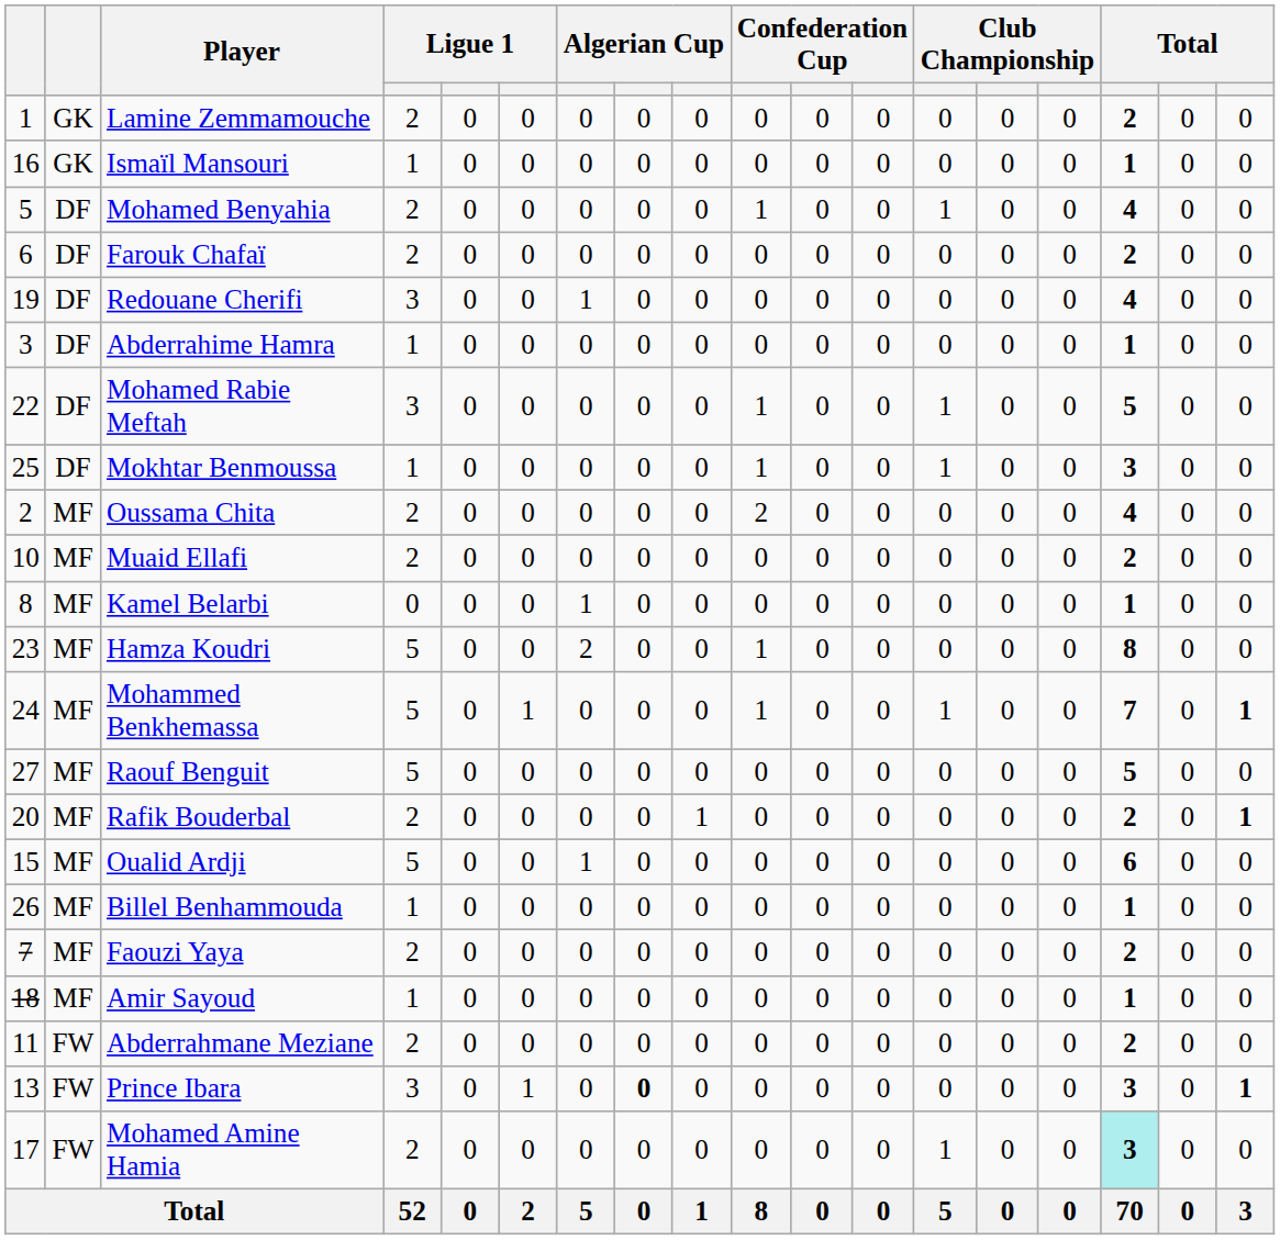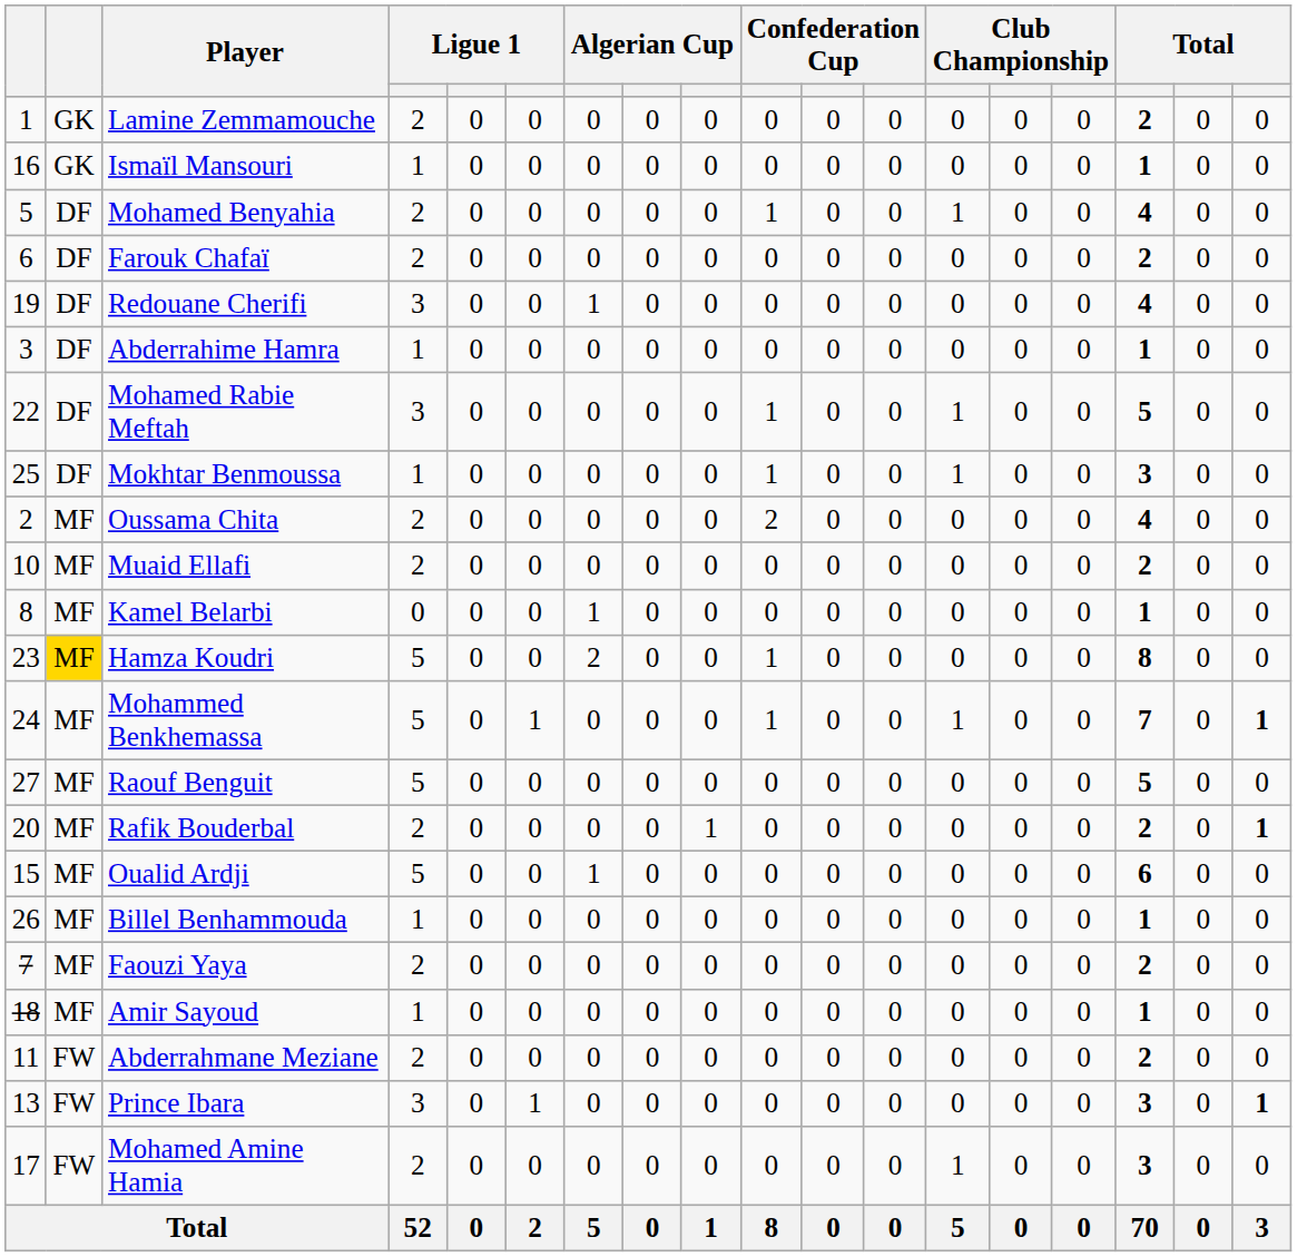 <table class="wikitable sortable nowrap" style="font-size: 96%; text-align: center;">
 <tr>
 <th rowspan="2"></th>
 <th rowspan="2"></th>
 <th rowspan="2" width=150>Player</th>
 <th colspan="3">Ligue 1</th>
 <th colspan="3">Algerian Cup</th>
 <th colspan="3">Confederation Cup</th>
 <th colspan="3">Club Championship</th>
 <th colspan="3">Total</th>
 </tr>
 <tr>
 <th width=25></th>
 <th width=25></th>
 <th width=25></th>
 <th width=25></th>
 <th width=25></th>
 <th width=25></th>
 <th width=25></th>
 <th width=25></th>
 <th width=25></th>
 <th width=25></th>
 <th width=25></th>
 <th width=25></th>
 <th width=25></th>
 <th width=25></th>
 <th width=25></th>
 </tr>
 <tr>
 <td>1</td>
 <td>GK</td>
 <td style="text-align:left"> <a href='#'>Lamine Zemmamouche</a></td>
 <td>2</td>
 <td>0</td>
 <td>0</td>
 <td>0</td>
 <td>0</td>
 <td>0</td>
 <td>0</td>
 <td>0</td>
 <td>0</td>
 <td>0</td>
 <td>0</td>
 <td>0</td>
 <td><strong>2</strong></td>
 <td>0</td>
 <td>0</td>
 </tr>
 <tr>
 <td>16</td>
 <td>GK</td>
 <td style="text-align:left"> <a href='#'>Ismaïl Mansouri</a></td>
 <td>1</td>
 <td>0</td>
 <td>0</td>
 <td>0</td>
 <td>0</td>
 <td>0</td>
 <td>0</td>
 <td>0</td>
 <td>0</td>
 <td>0</td>
 <td>0</td>
 <td>0</td>
 <td><strong>1</strong></td>
 <td>0</td>
 <td>0</td>
 </tr>
 <tr>
 <td>5</td>
 <td>DF</td>
 <td style="text-align:left"> <a href='#'>Mohamed Benyahia</a></td>
 <td>2</td>
 <td>0</td>
 <td>0</td>
 <td>0</td>
 <td>0</td>
 <td>0</td>
 <td>1</td>
 <td>0</td>
 <td>0</td>
 <td>1</td>
 <td>0</td>
 <td>0</td>
 <td><strong>4</strong></td>
 <td>0</td>
 <td>0</td>
 </tr>
 <tr>
 <td>6</td>
 <td>DF</td>
 <td style="text-align:left"> <a href='#'>Farouk Chafaï</a></td>
 <td>2</td>
 <td>0</td>
 <td>0</td>
 <td>0</td>
 <td>0</td>
 <td>0</td>
 <td>0</td>
 <td>0</td>
 <td>0</td>
 <td>0</td>
 <td>0</td>
 <td>0</td>
 <td><strong>2</strong></td>
 <td>0</td>
 <td>0</td>
 </tr>
 <tr>
 <td>19</td>
 <td>DF</td>
 <td style="text-align:left"> <a href='#'>Redouane Cherifi</a></td>
 <td>3</td>
 <td>0</td>
 <td>0</td>
 <td>1</td>
 <td>0</td>
 <td>0</td>
 <td>0</td>
 <td>0</td>
 <td>0</td>
 <td>0</td>
 <td>0</td>
 <td>0</td>
 <td><strong>4</strong></td>
 <td>0</td>
 <td>0</td>
 </tr>
 <tr>
 <td>3</td>
 <td>DF</td>
 <td style="text-align:left"> <a href='#'>Abderrahime Hamra</a></td>
 <td>1</td>
 <td>0</td>
 <td>0</td>
 <td>0</td>
 <td>0</td>
 <td>0</td>
 <td>0</td>
 <td>0</td>
 <td>0</td>
 <td>0</td>
 <td>0</td>
 <td>0</td>
 <td><strong>1</strong></td>
 <td>0</td>
 <td>0</td>
 </tr>
 <tr>
 <td>22</td>
 <td>DF</td>
 <td style="text-align:left"> <a href='#'>Mohamed Rabie Meftah</a></td>
 <td>3</td>
 <td>0</td>
 <td>0</td>
 <td>0</td>
 <td>0</td>
 <td>0</td>
 <td>1</td>
 <td>0</td>
 <td>0</td>
 <td>1</td>
 <td>0</td>
 <td>0</td>
 <td><strong>5</strong></td>
 <td>0</td>
 <td>0</td>
 </tr>
 <tr>
 <td>25</td>
 <td>DF</td>
 <td style="text-align:left"> <a href='#'>Mokhtar Benmoussa</a></td>
 <td>1</td>
 <td>0</td>
 <td>0</td>
 <td>0</td>
 <td>0</td>
 <td>0</td>
 <td>1</td>
 <td>0</td>
 <td>0</td>
 <td>1</td>
 <td>0</td>
 <td>0</td>
 <td><strong>3</strong></td>
 <td>0</td>
 <td>0</td>
 </tr>
 <tr>
 <td>2</td>
 <td>MF</td>
 <td style="text-align:left"> <a href='#'>Oussama Chita</a></td>
 <td>2</td>
 <td>0</td>
 <td>0</td>
 <td>0</td>
 <td>0</td>
 <td>0</td>
 <td>2</td>
 <td>0</td>
 <td>0</td>
 <td>0</td>
 <td>0</td>
 <td>0</td>
 <td><strong>4</strong></td>
 <td>0</td>
 <td>0</td>
 </tr>
 <tr>
 <td>10</td>
 <td>MF</td>
 <td style="text-align:left"> <a href='#'>Muaid Ellafi</a></td>
 <td>2</td>
 <td>0</td>
 <td>0</td>
 <td>0</td>
 <td>0</td>
 <td>0</td>
 <td>0</td>
 <td>0</td>
 <td>0</td>
 <td>0</td>
 <td>0</td>
 <td>0</td>
 <td><strong>2</strong></td>
 <td>0</td>
 <td>0</td>
 </tr>
 <tr>
 <td>8</td>
 <td>MF</td>
 <td style="text-align:left"> <a href='#'>Kamel Belarbi</a></td>
 <td>0</td>
 <td>0</td>
 <td>0</td>
 <td>1</td>
 <td>0</td>
 <td>0</td>
 <td>0</td>
 <td>0</td>
 <td>0</td>
 <td>0</td>
 <td>0</td>
 <td>0</td>
 <td><strong>1</strong></td>
 <td>0</td>
 <td>0</td>
 </tr>
 <tr>
 <td>23</td>
-<td>MF</td>
+<td style="background: gold;">MF</td>
 <td style="text-align:left"> <a href='#'>Hamza Koudri</a></td>
 <td>5</td>
 <td>0</td>
 <td>0</td>
 <td>2</td>
 <td>0</td>
 <td>0</td>
 <td>1</td>
 <td>0</td>
 <td>0</td>
 <td>0</td>
 <td>0</td>
 <td>0</td>
 <td><strong>8</strong></td>
 <td>0</td>
 <td>0</td>
 </tr>
 <tr>
 <td>24</td>
 <td>MF</td>
 <td style="text-align:left"> <a href='#'>Mohammed Benkhemassa</a></td>
 <td>5</td>
 <td>0</td>
 <td>1</td>
 <td>0</td>
 <td>0</td>
 <td>0</td>
 <td>1</td>
 <td>0</td>
 <td>0</td>
 <td>1</td>
 <td>0</td>
 <td>0</td>
 <td><strong>7</strong></td>
 <td>0</td>
 <td><strong>1</strong></td>
 </tr>
 <tr>
 <td>27</td>
 <td>MF</td>
 <td style="text-align:left"> <a href='#'>Raouf Benguit</a></td>
 <td>5</td>
 <td>0</td>
 <td>0</td>
 <td>0</td>
 <td>0</td>
 <td>0</td>
 <td>0</td>
 <td>0</td>
 <td>0</td>
 <td>0</td>
 <td>0</td>
 <td>0</td>
 <td><strong>5</strong></td>
 <td>0</td>
 <td>0</td>
 </tr>
 <tr>
 <td>20</td>
 <td>MF</td>
 <td style="text-align:left"> <a href='#'>Rafik Bouderbal</a></td>
 <td>2</td>
 <td>0</td>
 <td>0</td>
 <td>0</td>
 <td>0</td>
 <td>1</td>
 <td>0</td>
 <td>0</td>
 <td>0</td>
 <td>0</td>
 <td>0</td>
 <td>0</td>
 <td><strong>2</strong></td>
 <td>0</td>
 <td><strong>1</strong></td>
 </tr>
 <tr>
 <td>15</td>
 <td>MF</td>
 <td style="text-align:left"> <a href='#'>Oualid Ardji</a></td>
 <td>5</td>
 <td>0</td>
 <td>0</td>
 <td>1</td>
 <td>0</td>
 <td>0</td>
 <td>0</td>
 <td>0</td>
 <td>0</td>
 <td>0</td>
 <td>0</td>
 <td>0</td>
 <td><strong>6</strong></td>
 <td>0</td>
 <td>0</td>
 </tr>
 <tr>
 <td>26</td>
 <td>MF</td>
 <td style="text-align:left"> <a href='#'>Billel Benhammouda</a></td>
 <td>1</td>
 <td>0</td>
 <td>0</td>
 <td>0</td>
 <td>0</td>
 <td>0</td>
 <td>0</td>
 <td>0</td>
 <td>0</td>
 <td>0</td>
 <td>0</td>
 <td>0</td>
 <td><strong>1</strong></td>
 <td>0</td>
 <td>0</td>
 </tr>
 <tr>
 <td><s>7</s></td>
 <td>MF</td>
 <td style="text-align:left"> <a href='#'>Faouzi Yaya</a></td>
 <td>2</td>
 <td>0</td>
 <td>0</td>
 <td>0</td>
 <td>0</td>
 <td>0</td>
 <td>0</td>
 <td>0</td>
 <td>0</td>
 <td>0</td>
 <td>0</td>
 <td>0</td>
 <td><strong>2</strong></td>
 <td>0</td>
 <td>0</td>
 </tr>
 <tr>
 <td><s>18</s></td>
 <td>MF</td>
 <td style="text-align:left"> <a href='#'>Amir Sayoud</a></td>
 <td>1</td>
 <td>0</td>
 <td>0</td>
 <td>0</td>
 <td>0</td>
 <td>0</td>
 <td>0</td>
 <td>0</td>
 <td>0</td>
 <td>0</td>
 <td>0</td>
 <td>0</td>
 <td><strong>1</strong></td>
 <td>0</td>
 <td>0</td>
 </tr>
 <tr>
 <td>11</td>
 <td>FW</td>
 <td style="text-align:left"> <a href='#'>Abderrahmane Meziane</a></td>
 <td>2</td>
 <td>0</td>
 <td>0</td>
 <td>0</td>
 <td>0</td>
 <td>0</td>
 <td>0</td>
 <td>0</td>
 <td>0</td>
 <td>0</td>
 <td>0</td>
 <td>0</td>
 <td><strong>2</strong></td>
 <td>0</td>
 <td>0</td>
 </tr>
 <tr>
 <td>13</td>
 <td>FW</td>
 <td style="text-align:left"> <a href='#'>Prince Ibara</a></td>
 <td>3</td>
 <td>0</td>
 <td>1</td>
 <td>0</td>
-<td><strong>0</strong></td>
+<td>0</td>
 <td>0</td>
 <td>0</td>
 <td>0</td>
 <td>0</td>
 <td>0</td>
 <td>0</td>
 <td>0</td>
 <td><strong>3</strong></td>
 <td>0</td>
 <td><strong>1</strong></td>
 </tr>
 <tr>
 <td>17</td>
 <td>FW</td>
 <td style="text-align:left"> <a href='#'>Mohamed Amine Hamia</a></td>
 <td>2</td>
 <td>0</td>
 <td>0</td>
 <td>0</td>
 <td>0</td>
 <td>0</td>
 <td>0</td>
 <td>0</td>
 <td>0</td>
 <td>1</td>
 <td>0</td>
 <td>0</td>
-<td style="background: paleturquoise;"><strong>3</strong></td>
+<td><strong>3</strong></td>
 <td>0</td>
 <td>0</td>
 </tr>
 <tr>
 <th colspan="3">Total</th>
 <th>52</th>
 <th>0</th>
 <th>2</th>
 <th>5</th>
 <th>0</th>
 <th>1</th>
 <th>8</th>
 <th>0</th>
 <th>0</th>
 <th>5</th>
 <th>0</th>
 <th>0</th>
 <th>70</th>
 <th>0</th>
 <th>3</th>
 </tr>
 </table>
